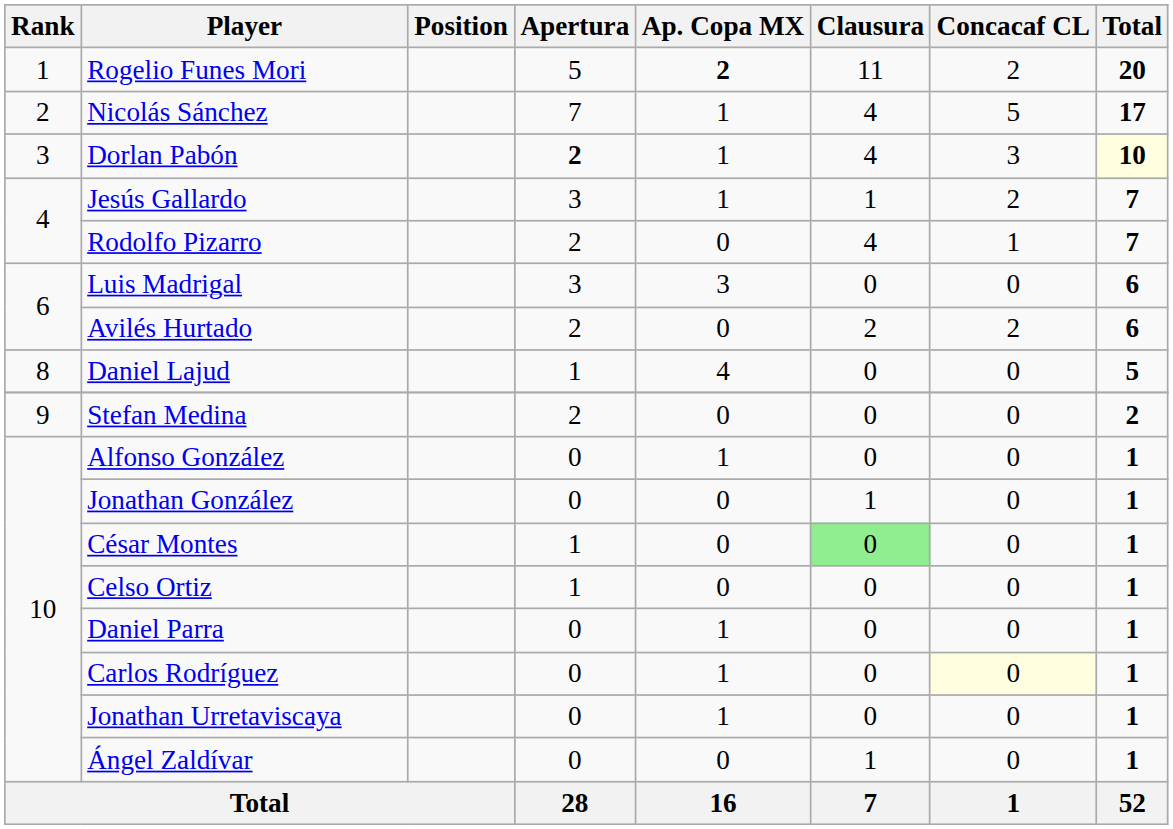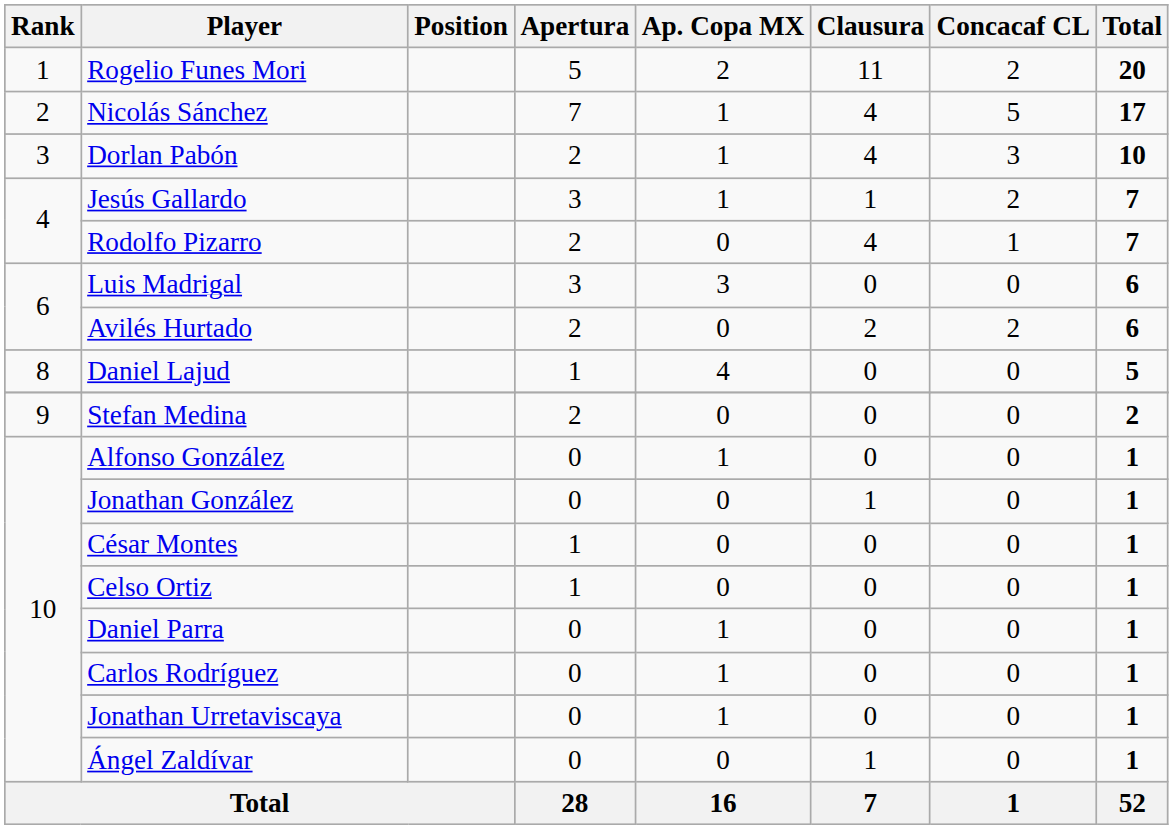 <table class="wikitable">
 <tr>
 <th>Rank</th>
 <th style="width:185px;">Player</th>
 <th>Position</th>
 <th>Apertura</th>
 <th>Ap. Copa MX</th>
 <th>Clausura</th>
 <th>Concacaf CL</th>
 <th>Total</th>
 </tr>
 <tr>
 <td align=center>1</td>
 <td> <a href='#'>Rogelio Funes Mori</a></td>
 <td align=center></td>
 <td align=center>5</td>
-<td align=center><strong>2</strong></td>
+<td align=center>2</td>
 <td align=center>11</td>
 <td align=center>2</td>
 <td align=center><strong>20</strong></td>
 </tr>
 <tr>
 <td align=center>2</td>
 <td> <a href='#'>Nicolás Sánchez</a></td>
 <td align=center></td>
 <td align=center>7</td>
 <td align=center>1</td>
 <td align=center>4</td>
 <td align=center>5</td>
 <td align=center><strong>17</strong></td>
 </tr>
 <tr>
 <td align=center>3</td>
 <td> <a href='#'>Dorlan Pabón</a></td>
 <td align=center></td>
-<td align=center><strong>2</strong></td>
+<td align=center>2</td>
 <td align=center>1</td>
 <td align=center>4</td>
 <td align=center>3</td>
-<td align=center style="background: lightyellow;"><strong>10</strong></td>
+<td align=center><strong>10</strong></td>
 </tr>
 <tr>
 <td align=center rowspan=2>4</td>
 <td> <a href='#'>Jesús Gallardo</a></td>
 <td align=center></td>
 <td align=center>3</td>
 <td align=center>1</td>
 <td align=center>1</td>
 <td align=center>2</td>
 <td align=center><strong>7</strong></td>
 </tr>
 <tr>
 <td> <a href='#'>Rodolfo Pizarro</a></td>
 <td align=center></td>
 <td align=center>2</td>
 <td align=center>0</td>
 <td align=center>4</td>
 <td align=center>1</td>
 <td align=center><strong>7</strong></td>
 </tr>
 <tr>
 <td align=center rowspan=2>6</td>
 <td> <a href='#'>Luis Madrigal</a></td>
 <td align=center></td>
 <td align=center>3</td>
 <td align=center>3</td>
 <td align=center>0</td>
 <td align=center>0</td>
 <td align=center><strong>6</strong></td>
 </tr>
 <tr>
 <td> <a href='#'>Avilés Hurtado</a></td>
 <td align=center></td>
 <td align=center>2</td>
 <td align=center>0</td>
 <td align=center>2</td>
 <td align=center>2</td>
 <td align=center><strong>6</strong></td>
 </tr>
 <tr>
 <td align=center>8</td>
 <td> <a href='#'>Daniel Lajud</a></td>
 <td align=center></td>
 <td align=center>1</td>
 <td align=center>4</td>
 <td align=center>0</td>
 <td align=center>0</td>
 <td align=center><strong>5</strong></td>
 </tr>
 <tr>
 </tr>
 <tr>
 <td align=center>9</td>
 <td> <a href='#'>Stefan Medina</a></td>
 <td align=center></td>
 <td align=center>2</td>
 <td align=center>0</td>
 <td align=center>0</td>
 <td align=center>0</td>
 <td align=center><strong>2</strong></td>
 </tr>
 <tr>
 <td align=center rowspan=8>10</td>
 <td> <a href='#'>Alfonso González</a></td>
 <td align=center></td>
 <td align=center>0</td>
 <td align=center>1</td>
 <td align=center>0</td>
 <td align=center>0</td>
 <td align=center><strong>1</strong></td>
 </tr>
 <tr>
 <td> <a href='#'>Jonathan González</a></td>
 <td align=center></td>
 <td align=center>0</td>
 <td align=center>0</td>
 <td align=center>1</td>
 <td align=center>0</td>
 <td align=center><strong>1</strong></td>
 </tr>
 <tr>
 <td> <a href='#'>César Montes</a></td>
 <td align=center></td>
 <td align=center>1</td>
 <td align=center>0</td>
-<td align=center style="background: lightgreen;">0</td>
+<td align=center>0</td>
 <td align=center>0</td>
 <td align=center><strong>1</strong></td>
 </tr>
 <tr>
 <td> <a href='#'>Celso Ortiz</a></td>
 <td align=center></td>
 <td align=center>1</td>
 <td align=center>0</td>
 <td align=center>0</td>
 <td align=center>0</td>
 <td align=center><strong>1</strong></td>
 </tr>
 <tr>
 <td> <a href='#'>Daniel Parra</a></td>
 <td align=center></td>
 <td align=center>0</td>
 <td align=center>1</td>
 <td align=center>0</td>
 <td align=center>0</td>
 <td align=center><strong>1</strong></td>
 </tr>
 <tr>
 <td> <a href='#'>Carlos Rodríguez</a></td>
 <td align=center></td>
 <td align=center>0</td>
 <td align=center>1</td>
 <td align=center>0</td>
-<td align=center style="background: lightyellow;">0</td>
+<td align=center>0</td>
 <td align=center><strong>1</strong></td>
 </tr>
 <tr>
 <td> <a href='#'>Jonathan Urretaviscaya</a></td>
 <td align=center></td>
 <td align=center>0</td>
 <td align=center>1</td>
 <td align=center>0</td>
 <td align=center>0</td>
 <td align=center><strong>1</strong></td>
 </tr>
 <tr>
 <td> <a href='#'>Ángel Zaldívar</a></td>
 <td align=center></td>
 <td align=center>0</td>
 <td align=center>0</td>
 <td align=center>1</td>
 <td align=center>0</td>
 <td align=center><strong>1</strong></td>
 </tr>
 <tr>
 <th align=center colspan=3>Total</th>
 <th align=center>28</th>
 <th align=center>16</th>
 <th align=center>7</th>
 <th align=center>1</th>
 <th align=center>52</th>
 </tr>
 </table>
